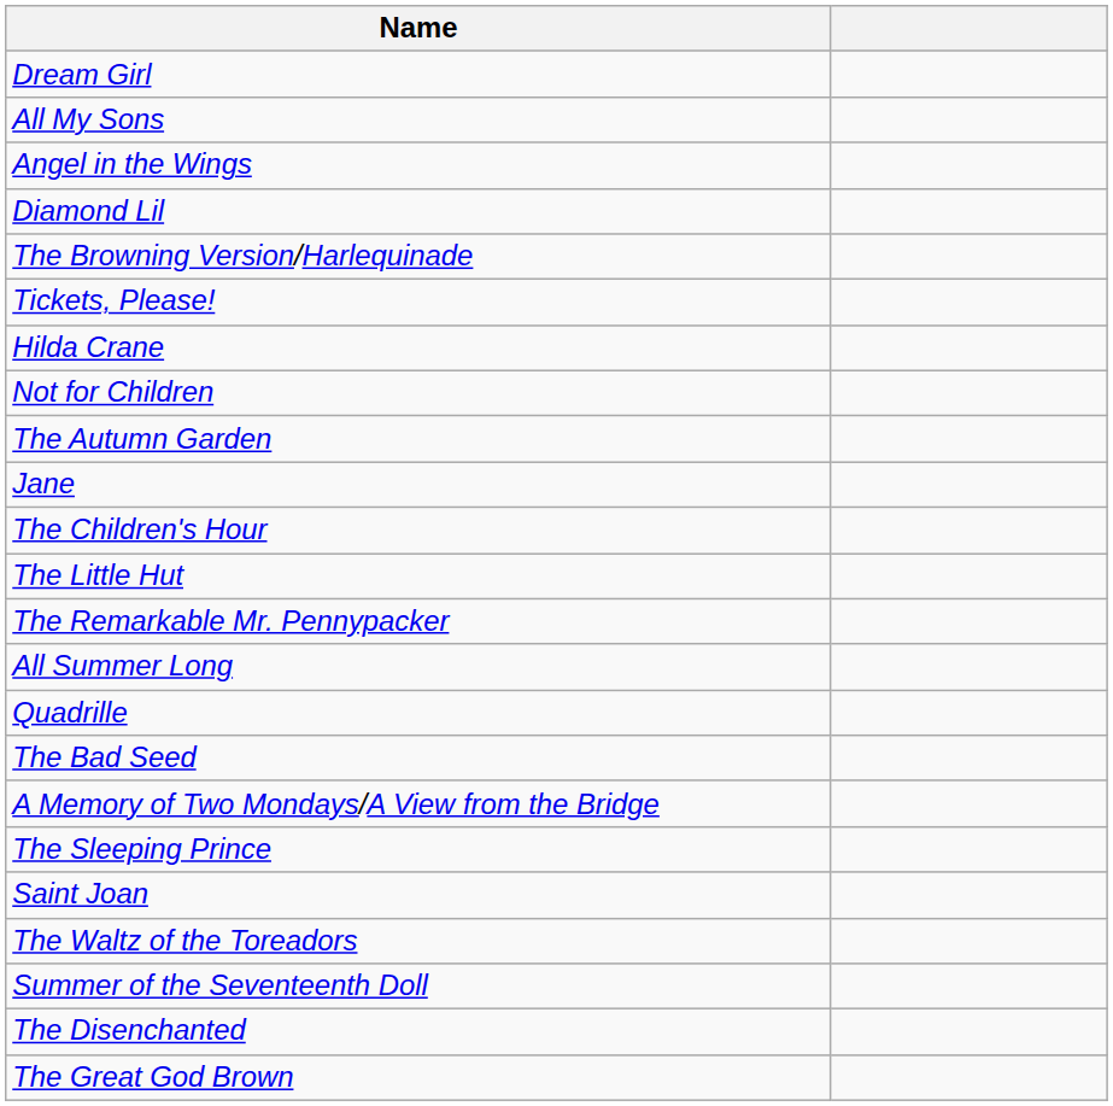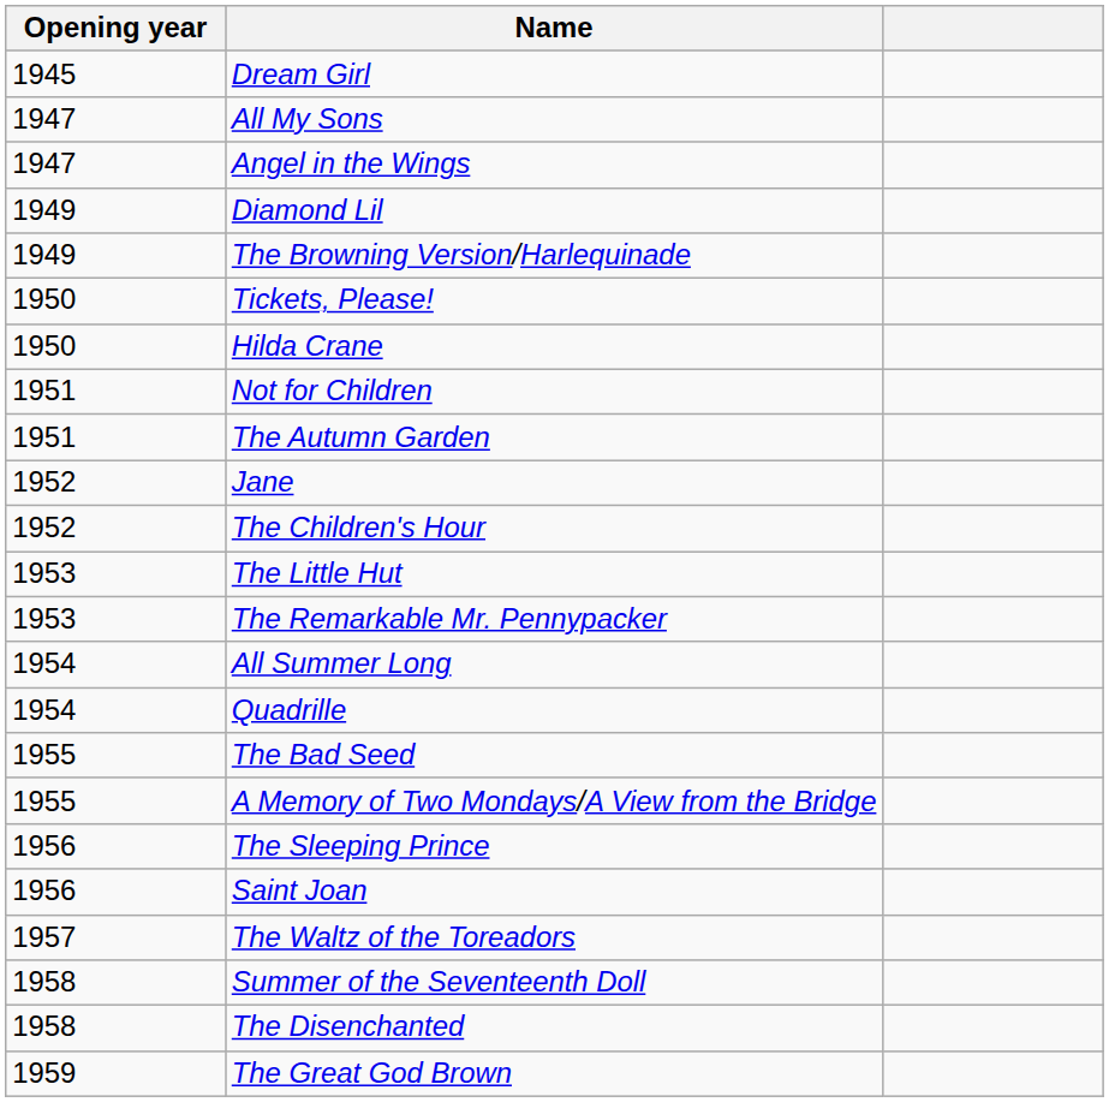 <table class="wikitable sortable collapsible">
 <tr>
+<th width=20% scope="col">Opening year</th>
 <th width=60% scope="col">Name</th>
 <th width=20% scope="col"  class="unsortable"></th>
 </tr>
 <tr>
+<td>1945</td>
 <td><em><a href='#'>Dream Girl</a></em></td>
 <td></td>
 </tr>
 <tr>
+<td>1947</td>
 <td><em><a href='#'>All My Sons</a></em></td>
 <td></td>
 </tr>
 <tr>
+<td>1947</td>
 <td><em><a href='#'>Angel in the Wings</a></em></td>
 <td></td>
 </tr>
 <tr>
+<td>1949</td>
 <td><em><a href='#'>Diamond Lil</a></em></td>
 <td></td>
 </tr>
 <tr>
+<td>1949</td>
 <td><em><a href='#'>The Browning Version</a>/<a href='#'>Harlequinade</a></em></td>
 <td></td>
 </tr>
 <tr>
+<td>1950</td>
 <td><em><a href='#'>Tickets, Please!</a></em></td>
 <td></td>
 </tr>
 <tr>
+<td>1950</td>
 <td><em><a href='#'>Hilda Crane</a></em></td>
 <td></td>
 </tr>
 <tr>
+<td>1951</td>
 <td><em><a href='#'>Not for Children</a></em></td>
 <td></td>
 </tr>
 <tr>
+<td>1951</td>
 <td><em><a href='#'>The Autumn Garden</a></em></td>
 <td></td>
 </tr>
 <tr>
+<td>1952</td>
 <td><em><a href='#'>Jane</a></em></td>
 <td></td>
 </tr>
 <tr>
+<td>1952</td>
 <td><em><a href='#'>The Children's Hour</a></em></td>
 <td></td>
 </tr>
 <tr>
+<td>1953</td>
 <td><em><a href='#'>The Little Hut</a></em></td>
 <td></td>
 </tr>
 <tr>
+<td>1953</td>
 <td><em><a href='#'>The Remarkable Mr. Pennypacker</a></em></td>
 <td></td>
 </tr>
 <tr>
+<td>1954</td>
 <td><em><a href='#'>All Summer Long</a></em></td>
 <td></td>
 </tr>
 <tr>
+<td>1954</td>
 <td><em><a href='#'>Quadrille</a></em></td>
 <td></td>
 </tr>
 <tr>
+<td>1955</td>
 <td><em><a href='#'>The Bad Seed</a></em></td>
 <td></td>
 </tr>
 <tr>
+<td>1955</td>
 <td><em><a href='#'>A Memory of Two Mondays</a>/<a href='#'>A View from the Bridge</a></em></td>
 <td></td>
 </tr>
 <tr>
+<td>1956</td>
 <td><em><a href='#'>The Sleeping Prince</a></em></td>
 <td></td>
 </tr>
 <tr>
+<td>1956</td>
 <td><em><a href='#'>Saint Joan</a></em></td>
 <td></td>
 </tr>
 <tr>
+<td>1957</td>
 <td><em><a href='#'>The Waltz of the Toreadors</a></em></td>
 <td></td>
 </tr>
 <tr>
+<td>1958</td>
 <td><em><a href='#'>Summer of the Seventeenth Doll</a></em></td>
 <td></td>
 </tr>
 <tr>
+<td>1958</td>
 <td><em><a href='#'>The Disenchanted</a></em></td>
 <td></td>
 </tr>
 <tr>
+<td>1959</td>
 <td><em><a href='#'>The Great God Brown</a></em></td>
 <td></td>
 </tr>
 </table>
